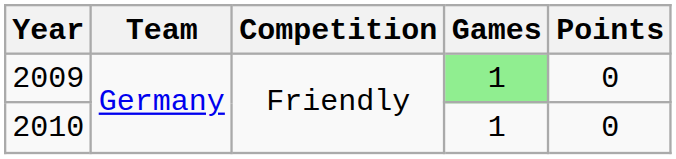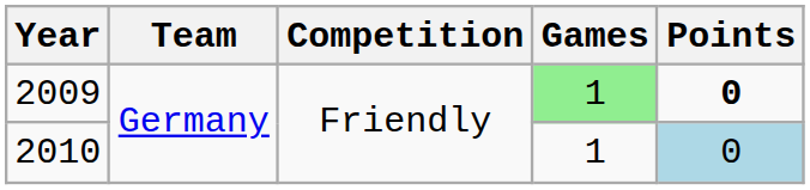 <table class="wikitable">
 <tr>
 <th>Year</th>
 <th>Team</th>
 <th>Competition</th>
 <th>Games</th>
 <th>Points</th>
 </tr>
 <tr align="center">
 <td>2009</td>
 <td rowspan=2><a href='#'>Germany</a></td>
 <td rowspan=2>Friendly</td>
 <td style="background: lightgreen;">1</td>
-<td>0</td>
+<td><strong>0</strong></td>
 </tr>
 <tr align="center">
 <td>2010</td>
 <td>1</td>
-<td>0</td>
+<td style="background: lightblue;">0</td>
 </tr>
 </table>
